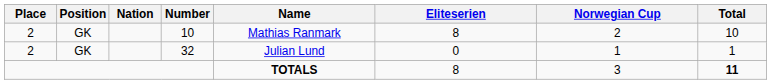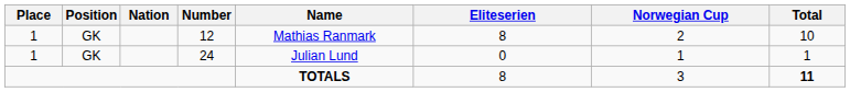 <table class="wikitable" style="font-size: 95%; text-align: center;">
 <tr>
 <th width=60>Place</th>
 <th width=60>Position</th>
 <th width=60>Nation</th>
 <th width=60>Number</th>
 <th width=200>Name</th>
 <th width=200><a href='#'>Eliteserien</a></th>
 <th width=200><a href='#'>Norwegian Cup</a></th>
 <th width=80><strong>Total</strong></th>
 </tr>
 <tr>
-<td>2</td>
+<td>1</td>
 <td>GK</td>
 <td></td>
-<td>10</td>
+<td>12</td>
 <td><a href='#'>Mathias Ranmark</a></td>
 <td>8</td>
 <td>2</td>
 <td>10</td>
 </tr>
 <tr>
-<td>2</td>
+<td>1</td>
 <td>GK</td>
 <td></td>
-<td>32</td>
+<td>24</td>
 <td><a href='#'>Julian Lund</a></td>
 <td>0</td>
 <td>1</td>
 <td>1</td>
 </tr>
 <tr>
 <td colspan="4"></td>
 <td><strong>TOTALS</strong></td>
 <td>8</td>
 <td>3</td>
 <td><strong>11</strong></td>
 </tr>
 </table>
